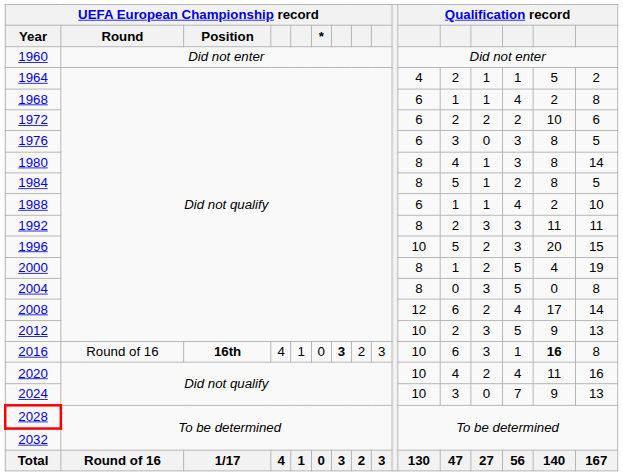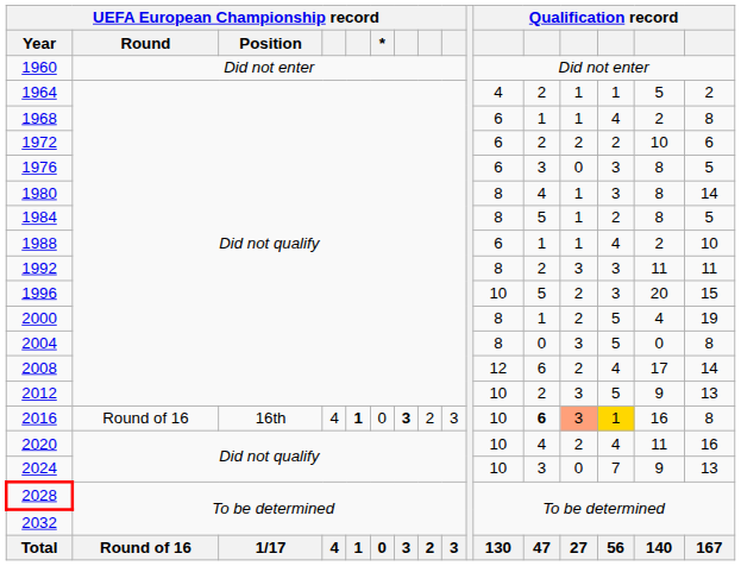 <table class="wikitable" style="text-align: center;">
 <tr>
 <th colspan=9><a href='#'>UEFA European Championship</a> record</th>
 <th width=1% rowspan=22></th>
 <th colspan=6><a href='#'>Qualification</a> record</th>
 </tr>
 <tr>
 <th>Year</th>
 <th>Round</th>
 <th>Position</th>
 <th></th>
 <th></th>
 <th>*</th>
 <th></th>
 <th></th>
 <th></th>
 <th></th>
 <th></th>
 <th></th>
 <th></th>
 <th></th>
 <th></th>
 </tr>
 <tr>
 <td> <a href='#'>1960</a></td>
 <td colspan=8><em>Did not enter</em></td>
 <td colspan=6><em>Did not enter</em></td>
 </tr>
 <tr>
 <td> <a href='#'>1964</a></td>
 <td colspan=8 rowspan=13><em>Did not qualify</em></td>
 <td>4</td>
 <td>2</td>
 <td>1</td>
 <td>1</td>
 <td>5</td>
 <td>2</td>
 </tr>
 <tr>
 <td> <a href='#'>1968</a></td>
 <td>6</td>
 <td>1</td>
 <td>1</td>
 <td>4</td>
 <td>2</td>
 <td>8</td>
 </tr>
 <tr>
 <td> <a href='#'>1972</a></td>
 <td>6</td>
 <td>2</td>
 <td>2</td>
 <td>2</td>
 <td>10</td>
 <td>6</td>
 </tr>
 <tr>
 <td> <a href='#'>1976</a></td>
 <td>6</td>
 <td>3</td>
 <td>0</td>
 <td>3</td>
 <td>8</td>
 <td>5</td>
 </tr>
 <tr>
 <td> <a href='#'>1980</a></td>
 <td>8</td>
 <td>4</td>
 <td>1</td>
 <td>3</td>
 <td>8</td>
 <td>14</td>
 </tr>
 <tr>
 <td> <a href='#'>1984</a></td>
 <td>8</td>
 <td>5</td>
 <td>1</td>
 <td>2</td>
 <td>8</td>
 <td>5</td>
 </tr>
 <tr>
 <td> <a href='#'>1988</a></td>
 <td>6</td>
 <td>1</td>
 <td>1</td>
 <td>4</td>
 <td>2</td>
 <td>10</td>
 </tr>
 <tr>
 <td> <a href='#'>1992</a></td>
 <td>8</td>
 <td>2</td>
 <td>3</td>
 <td>3</td>
 <td>11</td>
 <td>11</td>
 </tr>
 <tr>
 <td> <a href='#'>1996</a></td>
 <td>10</td>
 <td>5</td>
 <td>2</td>
 <td>3</td>
 <td>20</td>
 <td>15</td>
 </tr>
 <tr>
 <td>  <a href='#'>2000</a></td>
 <td>8</td>
 <td>1</td>
 <td>2</td>
 <td>5</td>
 <td>4</td>
 <td>19</td>
 </tr>
 <tr>
 <td> <a href='#'>2004</a></td>
 <td>8</td>
 <td>0</td>
 <td>3</td>
 <td>5</td>
 <td>0</td>
 <td>8</td>
 </tr>
 <tr>
 <td>  <a href='#'>2008</a></td>
 <td>12</td>
 <td>6</td>
 <td>2</td>
 <td>4</td>
 <td>17</td>
 <td>14</td>
 </tr>
 <tr>
 <td>  <a href='#'>2012</a></td>
 <td>10</td>
 <td>2</td>
 <td>3</td>
 <td>5</td>
 <td>9</td>
 <td>13</td>
 </tr>
 <tr>
 <td> <a href='#'>2016</a></td>
 <td>Round of 16</td>
-<td><strong>16th</strong></td>
+<td>16th</td>
 <td>4</td>
-<td>1</td>
+<td><strong>1</strong></td>
 <td>0</td>
 <td><strong>3</strong></td>
 <td>2</td>
 <td>3</td>
 <td>10</td>
-<td>6</td>
-<td>3</td>
-<td>1</td>
-<td><strong>16</strong></td>
+<td><strong>6</strong></td>
+<td style="background: lightsalmon;">3</td>
+<td style="background: gold;">1</td>
+<td>16</td>
 <td>8</td>
 </tr>
 <tr>
 <td> <a href='#'>2020</a></td>
 <td colspan=8 rowspan=2><em>Did not qualify</em></td>
 <td>10</td>
 <td>4</td>
 <td>2</td>
 <td>4</td>
 <td>11</td>
 <td>16</td>
 </tr>
 <tr>
 <td> <a href='#'>2024</a></td>
 <td>10</td>
 <td>3</td>
 <td>0</td>
 <td>7</td>
 <td>9</td>
 <td>13</td>
 </tr>
 <tr>
 <td scope="row" style="border: 3px solid red">  <a href='#'>2028</a></td>
 <td rowspan=2 colspan=9><em>To be determined</em></td>
 <td rowspan=2 colspan=6><em>To be determined</em></td>
 </tr>
 <tr>
 <td scope="row">  <a href='#'>2032</a></td>
 </tr>
 <tr>
 <th>Total</th>
 <th>Round of 16</th>
 <th>1/17</th>
 <th>4</th>
 <th>1</th>
 <th>0</th>
 <th>3</th>
 <th>2</th>
 <th>3</th>
 <th>130</th>
 <th>47</th>
 <th>27</th>
 <th>56</th>
 <th>140</th>
 <th>167</th>
 </tr>
 </table>
